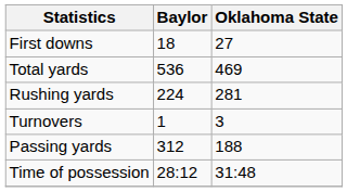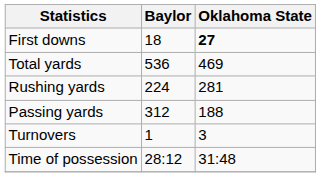 <table class="wikitable" style="float: right;">
 <tr>
 <th>Statistics</th>
 <th>Baylor</th>
 <th>Oklahoma State</th>
 </tr>
 <tr>
 <td>First downs</td>
 <td>18</td>
-<td>27</td>
+<td><strong>27</strong></td>
 </tr>
 <tr>
 <td>Total yards</td>
 <td>536</td>
 <td>469</td>
 </tr>
 <tr>
 <td>Rushing yards</td>
 <td>224</td>
 <td>281</td>
 </tr>
 <tr>
+<td>Passing yards</td>
+<td>312</td>
+<td>188</td>
+</tr>
+<tr>
 <td>Turnovers</td>
 <td>1</td>
 <td>3</td>
-</tr>
-<tr>
-<td>Passing yards</td>
-<td>312</td>
-<td>188</td>
 </tr>
 <tr>
 <td>Time of possession</td>
 <td>28:12</td>
 <td>31:48</td>
 </tr>
 <tr>
 </tr>
 </table>
